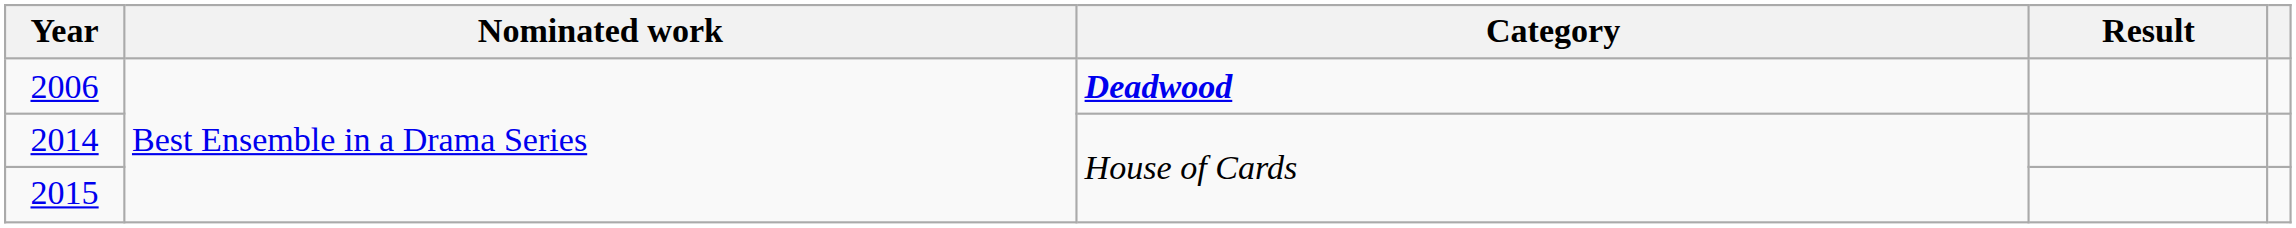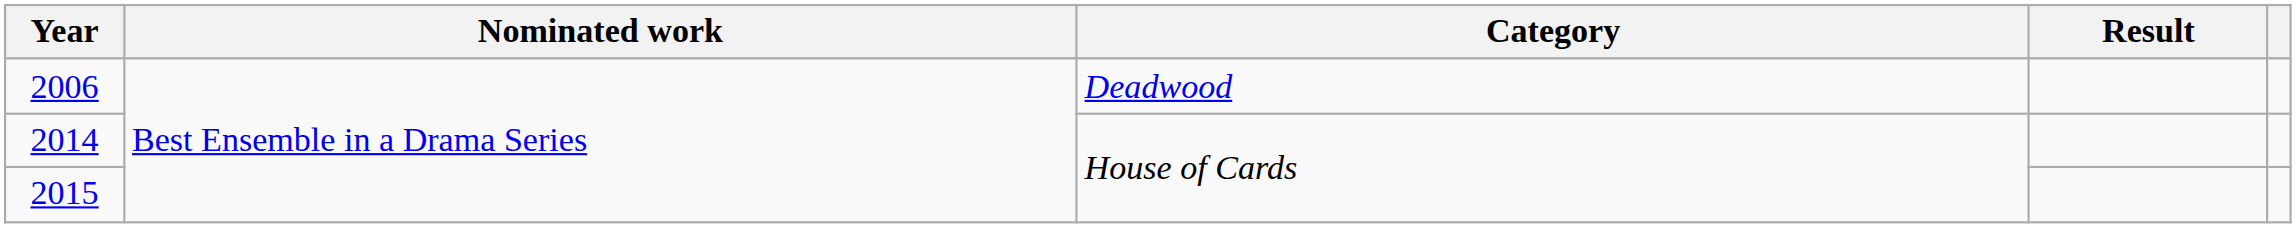 <table class="wikitable" style="width:85%;">
 <tr>
 <th width=5%>Year</th>
 <th style="width:40%;">Nominated work</th>
 <th style="width:40%;">Category</th>
 <th style="width:10%;">Result</th>
 <th width=1%></th>
 </tr>
 <tr>
 <td style="text-align:center;"><a href='#'>2006</a></td>
 <td rowspan="3"><a href='#'>Best Ensemble in a Drama Series</a></td>
-<td><strong><em><a href='#'>Deadwood</a></em></strong></td>
+<td><em><a href='#'>Deadwood</a></em></td>
 <td></td>
 <td style="text-align:center;"></td>
 </tr>
 <tr>
 <td style="text-align:center;"><a href='#'>2014</a></td>
 <td rowspan="2"><em>House of Cards</em></td>
 <td></td>
 <td style="text-align:center;"></td>
 </tr>
 <tr>
 <td style="text-align:center;"><a href='#'>2015</a></td>
 <td></td>
 <td style="text-align:center;"></td>
 </tr>
 </table>
